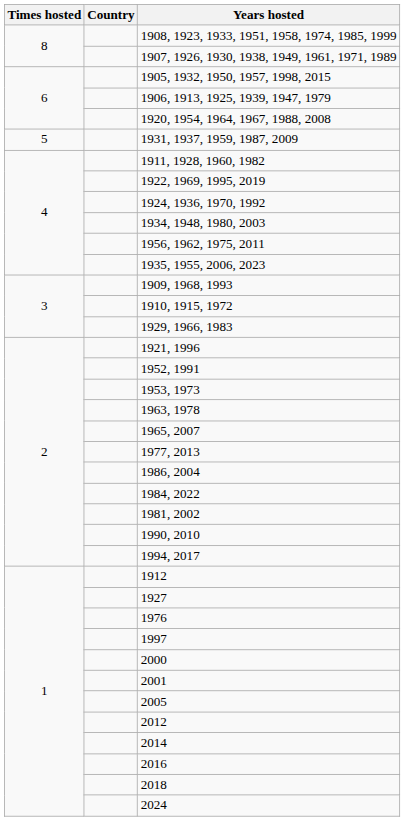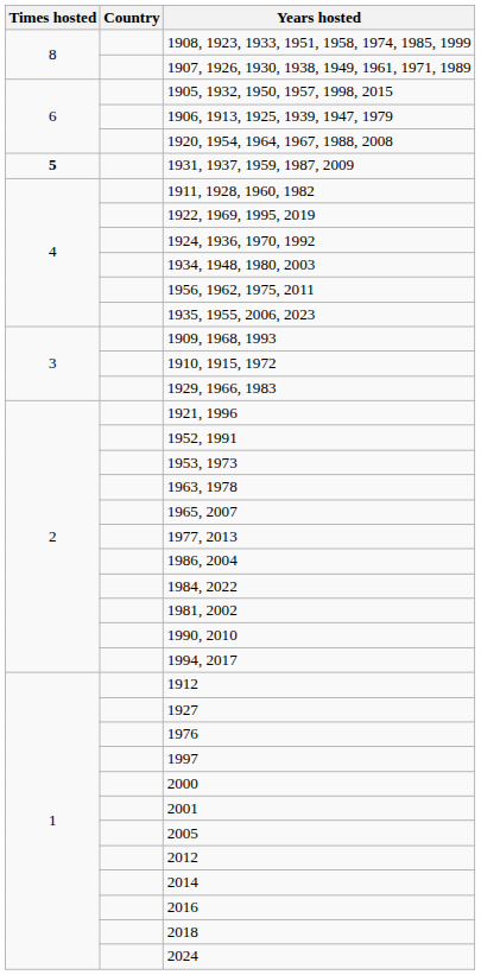 <table class="wikitable">
 <tr>
 <th>Times hosted</th>
 <th>Country</th>
 <th>Years hosted</th>
 </tr>
 <tr>
 <td rowspan="2" align="center">8</td>
 <td></td>
 <td>1908, 1923, 1933, 1951, 1958, 1974, 1985, 1999</td>
 </tr>
 <tr>
 <td></td>
 <td>1907, 1926, 1930, 1938, 1949, 1961, 1971, 1989</td>
 </tr>
 <tr>
 <td rowspan="3" align="center">6</td>
 <td></td>
 <td>1905, 1932, 1950, 1957, 1998, 2015</td>
 </tr>
 <tr>
 <td></td>
 <td>1906, 1913, 1925, 1939, 1947, 1979</td>
 </tr>
 <tr>
 <td></td>
 <td>1920, 1954, 1964, 1967, 1988, 2008</td>
 </tr>
 <tr>
-<td align="center">5</td>
+<td align="center"><strong>5</strong></td>
 <td></td>
 <td>1931, 1937, 1959, 1987, 2009</td>
 </tr>
 <tr>
 <td rowspan="6" align="center">4</td>
 <td></td>
 <td>1911, 1928, 1960, 1982</td>
 </tr>
 <tr>
 <td></td>
 <td>1922, 1969, 1995, 2019</td>
 </tr>
 <tr>
 <td></td>
 <td>1924, 1936, 1970, 1992</td>
 </tr>
 <tr>
 <td></td>
 <td>1934, 1948, 1980, 2003</td>
 </tr>
 <tr>
 <td></td>
 <td>1956, 1962, 1975, 2011</td>
 </tr>
 <tr>
 <td></td>
 <td>1935, 1955, 2006, 2023</td>
 </tr>
 <tr>
 <td rowspan="3" align="center">3</td>
 <td></td>
 <td>1909, 1968, 1993</td>
 </tr>
 <tr>
 <td></td>
 <td>1910, 1915, 1972</td>
 </tr>
 <tr>
 <td></td>
 <td>1929, 1966, 1983</td>
 </tr>
 <tr>
 <td rowspan="11" align="center">2</td>
 <td></td>
 <td>1921, 1996</td>
 </tr>
 <tr>
 <td></td>
 <td>1952, 1991</td>
 </tr>
 <tr>
 <td></td>
 <td>1953, 1973</td>
 </tr>
 <tr>
 <td></td>
 <td>1963, 1978</td>
 </tr>
 <tr>
 <td></td>
 <td>1965, 2007</td>
 </tr>
 <tr>
 <td></td>
 <td>1977, 2013</td>
 </tr>
 <tr>
 <td></td>
 <td>1986, 2004</td>
 </tr>
 <tr>
 <td></td>
 <td>1984, 2022</td>
 </tr>
 <tr>
 <td></td>
 <td>1981, 2002</td>
 </tr>
 <tr>
 <td></td>
 <td>1990, 2010</td>
 </tr>
 <tr>
 <td></td>
 <td>1994, 2017</td>
 </tr>
 <tr>
 <td rowspan="12" align="center">1</td>
 <td></td>
 <td>1912</td>
 </tr>
 <tr>
 <td></td>
 <td>1927</td>
 </tr>
 <tr>
 <td></td>
 <td>1976</td>
 </tr>
 <tr>
 <td></td>
 <td>1997</td>
 </tr>
 <tr>
 <td></td>
 <td>2000</td>
 </tr>
 <tr>
 <td></td>
 <td>2001</td>
 </tr>
 <tr>
 <td></td>
 <td>2005</td>
 </tr>
 <tr>
 <td></td>
 <td>2012</td>
 </tr>
 <tr>
 <td></td>
 <td>2014</td>
 </tr>
 <tr>
 <td></td>
 <td>2016</td>
 </tr>
 <tr>
 <td></td>
 <td>2018</td>
 </tr>
 <tr>
 <td></td>
 <td>2024</td>
 </tr>
 </table>
